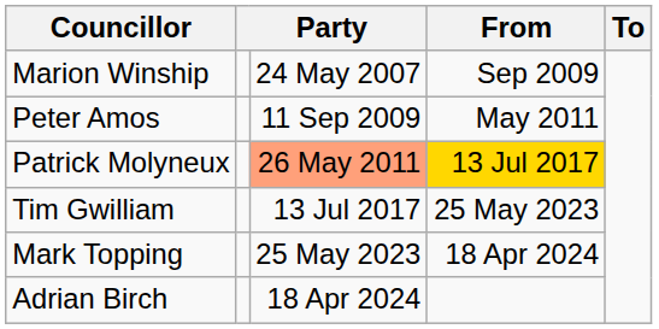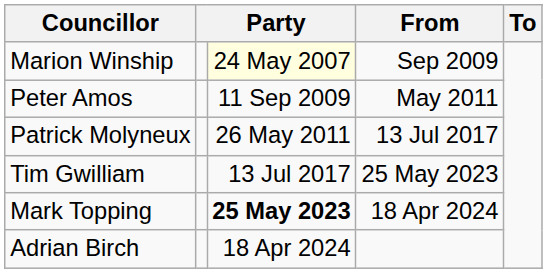 <table class=wikitable>
 <tr>
 <th>Councillor</th>
 <th colspan=2>Party</th>
 <th>From</th>
 <th>To</th>
 </tr>
 <tr>
 <td>Marion Winship</td>
 <td></td>
-<td align=right>24 May 2007</td>
+<td align=right style="background: lightyellow;">24 May 2007</td>
 <td align=right>Sep 2009</td>
 </tr>
 <tr>
 <td>Peter Amos</td>
 <td></td>
 <td align=right>11 Sep 2009</td>
 <td align=right>May 2011</td>
 </tr>
 <tr>
 <td>Patrick Molyneux</td>
 <td></td>
-<td align=right style="background: lightsalmon;">26 May 2011</td>
-<td align=right style="background: gold;">13 Jul 2017</td>
+<td align=right>26 May 2011</td>
+<td align=right>13 Jul 2017</td>
 </tr>
 <tr>
 <td>Tim Gwilliam</td>
 <td></td>
 <td align=right>13 Jul 2017</td>
 <td align=right>25 May 2023</td>
 </tr>
 <tr>
 <td>Mark Topping</td>
 <td></td>
-<td align=right>25 May 2023</td>
+<td align=right><strong>25 May 2023</strong></td>
 <td align=right>18 Apr 2024</td>
 </tr>
 <tr>
 <td>Adrian Birch</td>
 <td></td>
 <td align=right>18 Apr 2024</td>
 <td align=right></td>
 </tr>
 </table>
